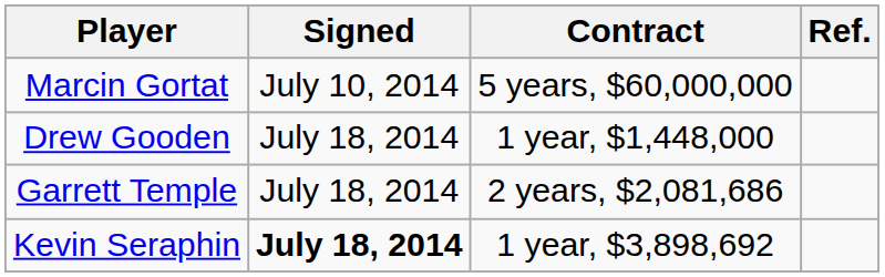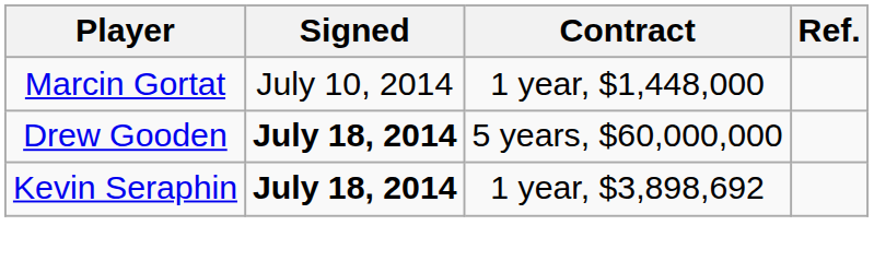 <table class="wikitable sortable sortable" style="text-align: center;">
 <tr>
 <th>Player</th>
 <th>Signed</th>
 <th>Contract</th>
 <th>Ref.</th>
 </tr>
 <tr>
 <td><a href='#'>Marcin Gortat</a></td>
 <td>July 10, 2014</td>
-<td>5 years, $60,000,000</td>
+<td>1 year, $1,448,000</td>
 <td></td>
 </tr>
 <tr>
 <td><a href='#'>Drew Gooden</a></td>
-<td>July 18, 2014</td>
-<td>1 year, $1,448,000</td>
-<td></td>
-</tr>
-<tr>
-<td><a href='#'>Garrett Temple</a></td>
-<td>July 18, 2014</td>
-<td>2 years, $2,081,686</td>
+<td><strong>July 18, 2014</strong></td>
+<td>5 years, $60,000,000</td>
 <td></td>
 </tr>
 <tr>
 <td><a href='#'>Kevin Seraphin</a></td>
 <td><strong>July 18, 2014</strong></td>
 <td>1 year, $3,898,692</td>
 <td></td>
 </tr>
 </table>
